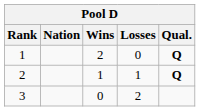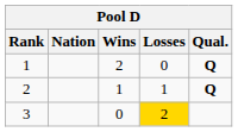 <table class="wikitable" style="text-align:center">
 <tr>
 <th colspan=5 align=center><strong>Pool D</strong></th>
 </tr>
 <tr>
 <th>Rank</th>
 <th>Nation</th>
 <th>Wins</th>
 <th>Losses</th>
 <th>Qual.</th>
 </tr>
 <tr>
 <td>1</td>
 <td align=left></td>
 <td>2</td>
 <td>0</td>
 <td><strong>Q</strong></td>
 </tr>
 <tr>
 <td>2</td>
 <td align=left></td>
 <td>1</td>
 <td>1</td>
 <td><strong>Q</strong></td>
 </tr>
 <tr>
 <td>3</td>
 <td align=left></td>
 <td>0</td>
-<td>2</td>
+<td style="background: gold;">2</td>
 <td></td>
 </tr>
 </table>
